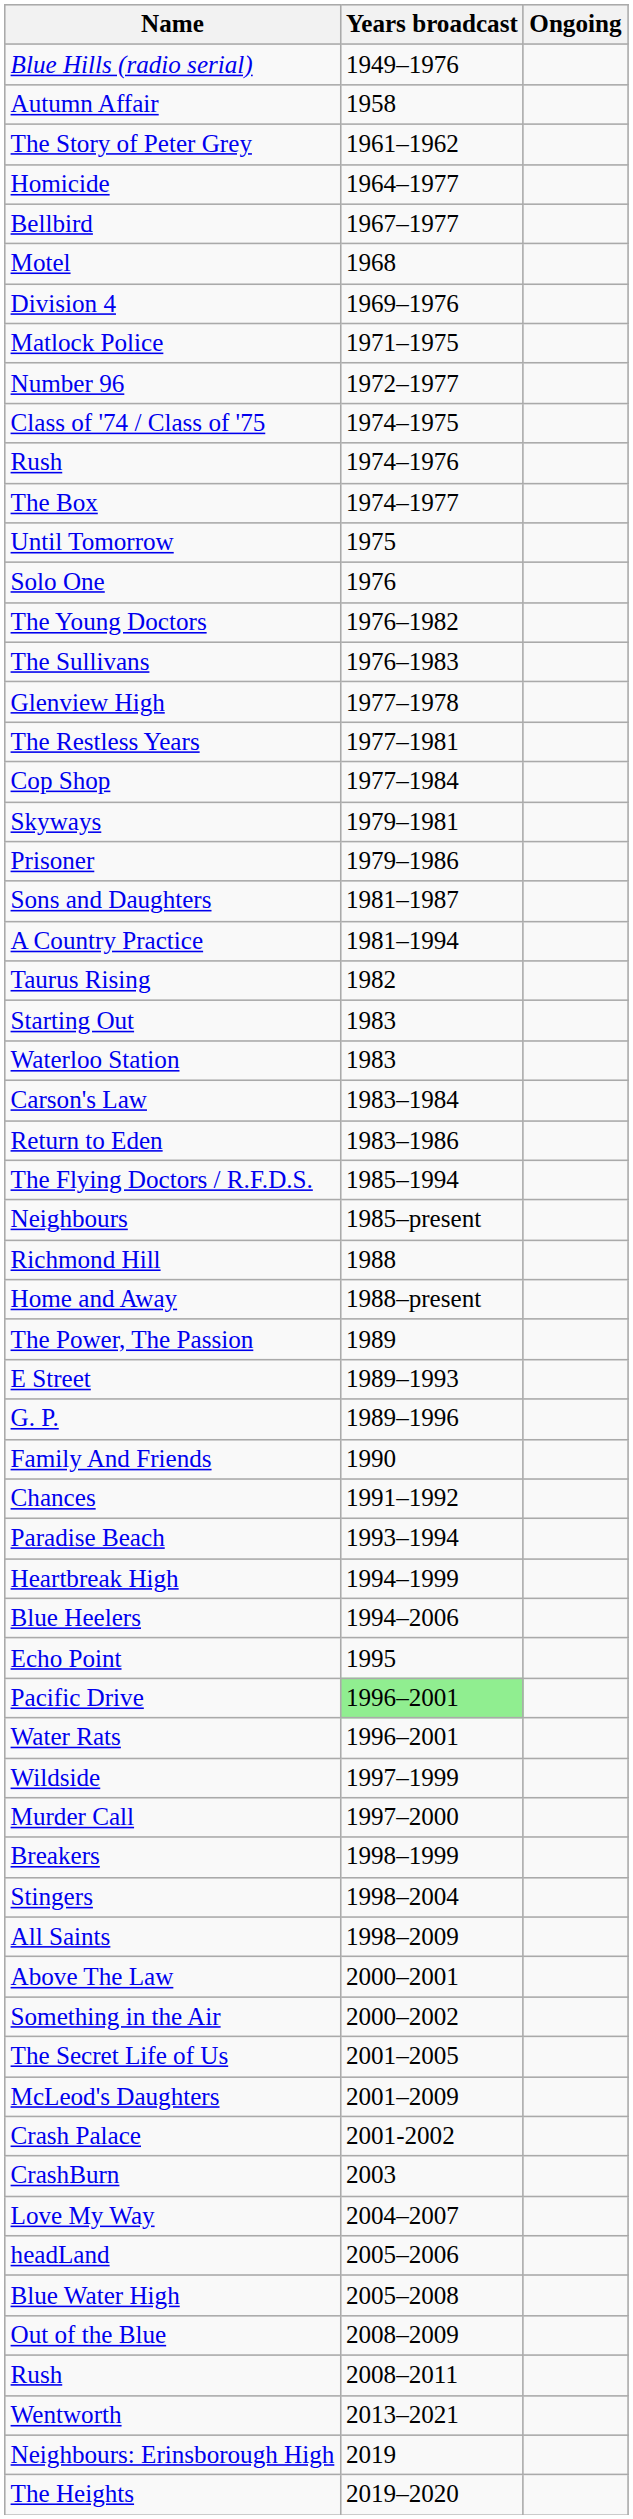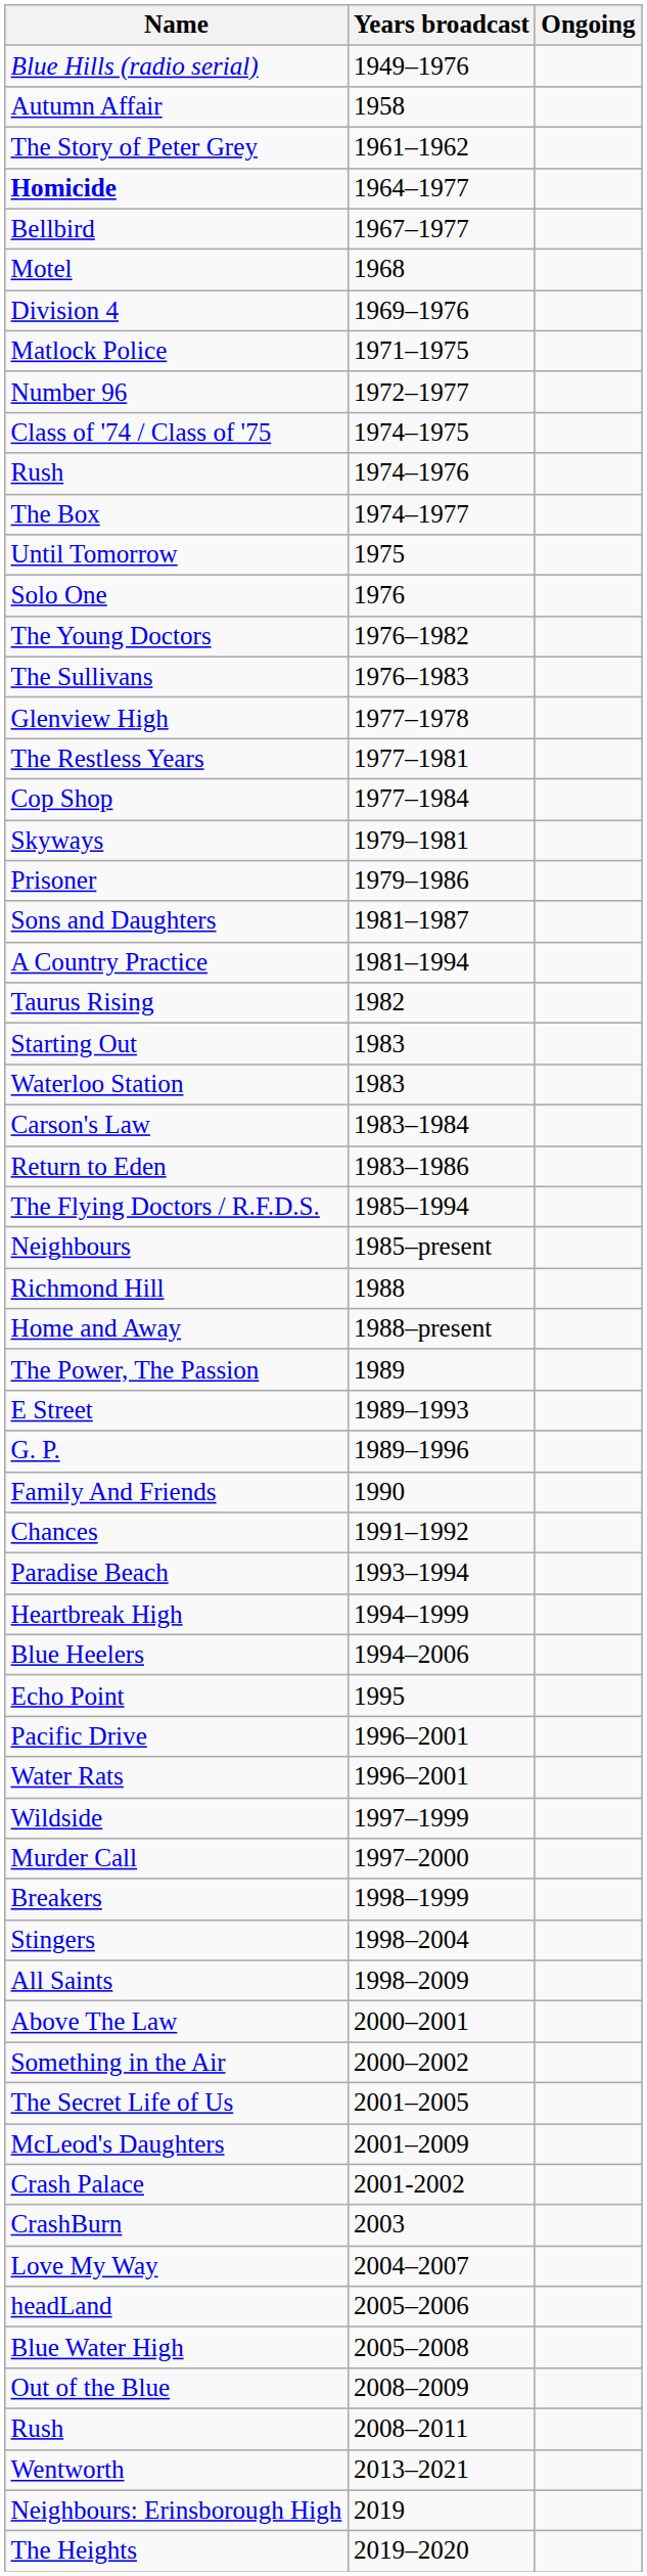 <table class="wikitable sortable">
 <tr>
 <th>Name</th>
 <th>Years broadcast</th>
 <th>Ongoing</th>
 </tr>
 <tr>
 <td><em><a href='#'>Blue Hills (radio serial)</a></em></td>
 <td>1949–1976</td>
 <td></td>
 </tr>
 <tr>
 <td><a href='#'>Autumn Affair</a></td>
 <td>1958</td>
 <td></td>
 </tr>
 <tr>
 <td><a href='#'>The Story of Peter Grey</a></td>
 <td>1961–1962</td>
 <td></td>
 </tr>
 <tr>
-<td><a href='#'>Homicide</a></td>
+<td><strong><a href='#'>Homicide</a></strong></td>
 <td>1964–1977</td>
 <td></td>
 </tr>
 <tr>
 <td><a href='#'>Bellbird</a></td>
 <td>1967–1977</td>
 <td></td>
 </tr>
 <tr>
 <td><a href='#'>Motel</a></td>
 <td>1968</td>
 <td></td>
 </tr>
 <tr>
 <td><a href='#'>Division 4</a></td>
 <td>1969–1976</td>
 <td></td>
 </tr>
 <tr>
 <td><a href='#'>Matlock Police</a></td>
 <td>1971–1975</td>
 <td></td>
 </tr>
 <tr>
 <td><a href='#'>Number 96</a></td>
 <td>1972–1977</td>
 <td></td>
 </tr>
 <tr>
 <td><a href='#'>Class of '74 / Class of '75</a></td>
 <td>1974–1975</td>
 <td></td>
 </tr>
 <tr>
 <td><a href='#'>Rush</a></td>
 <td>1974–1976</td>
 <td></td>
 </tr>
 <tr>
 <td><a href='#'>The Box</a></td>
 <td>1974–1977</td>
 <td></td>
 </tr>
 <tr>
 <td><a href='#'>Until Tomorrow</a></td>
 <td>1975</td>
 <td></td>
 </tr>
 <tr>
 <td><a href='#'>Solo One</a></td>
 <td>1976</td>
 <td></td>
 </tr>
 <tr>
 <td><a href='#'>The Young Doctors</a></td>
 <td>1976–1982</td>
 <td></td>
 </tr>
 <tr>
 <td><a href='#'>The Sullivans</a></td>
 <td>1976–1983</td>
 <td></td>
 </tr>
 <tr>
 <td><a href='#'>Glenview High</a></td>
 <td>1977–1978</td>
 <td></td>
 </tr>
 <tr>
 <td><a href='#'>The Restless Years</a></td>
 <td>1977–1981</td>
 <td></td>
 </tr>
 <tr>
 <td><a href='#'>Cop Shop</a></td>
 <td>1977–1984</td>
 <td></td>
 </tr>
 <tr>
 <td><a href='#'>Skyways</a></td>
 <td>1979–1981</td>
 <td></td>
 </tr>
 <tr>
 <td><a href='#'>Prisoner</a></td>
 <td>1979–1986</td>
 <td></td>
 </tr>
 <tr>
 <td><a href='#'>Sons and Daughters</a></td>
 <td>1981–1987</td>
 <td></td>
 </tr>
 <tr>
 <td><a href='#'>A Country Practice</a></td>
 <td>1981–1994</td>
 <td></td>
 </tr>
 <tr>
 <td><a href='#'>Taurus Rising</a></td>
 <td>1982</td>
 <td></td>
 </tr>
 <tr>
 <td><a href='#'>Starting Out</a></td>
 <td>1983</td>
 <td></td>
 </tr>
 <tr>
 <td><a href='#'>Waterloo Station</a></td>
 <td>1983</td>
 <td></td>
 </tr>
 <tr>
 <td><a href='#'>Carson's Law</a></td>
 <td>1983–1984</td>
 <td></td>
 </tr>
 <tr>
 <td><a href='#'>Return to Eden</a></td>
 <td>1983–1986</td>
 <td></td>
 </tr>
 <tr>
 <td><a href='#'>The Flying Doctors / R.F.D.S.</a></td>
 <td>1985–1994</td>
 <td></td>
 </tr>
 <tr>
 <td><a href='#'>Neighbours</a></td>
 <td>1985–present</td>
 <td></td>
 </tr>
 <tr>
 <td><a href='#'>Richmond Hill</a></td>
 <td>1988</td>
 <td></td>
 </tr>
 <tr>
 <td><a href='#'>Home and Away</a></td>
 <td>1988–present</td>
 <td></td>
 </tr>
 <tr>
 <td><a href='#'>The Power, The Passion</a></td>
 <td>1989</td>
 <td></td>
 </tr>
 <tr>
 <td><a href='#'>E Street</a></td>
 <td>1989–1993</td>
 <td></td>
 </tr>
 <tr>
 <td><a href='#'>G. P.</a></td>
 <td>1989–1996</td>
 <td></td>
 </tr>
 <tr>
 <td><a href='#'>Family And Friends</a></td>
 <td>1990</td>
 <td></td>
 </tr>
 <tr>
 <td><a href='#'>Chances</a></td>
 <td>1991–1992</td>
 <td></td>
 </tr>
 <tr>
 <td><a href='#'>Paradise Beach</a></td>
 <td>1993–1994</td>
 <td></td>
 </tr>
 <tr>
 <td><a href='#'>Heartbreak High</a></td>
 <td>1994–1999</td>
 <td></td>
 </tr>
 <tr>
 <td><a href='#'>Blue Heelers</a></td>
 <td>1994–2006</td>
 <td></td>
 </tr>
 <tr>
 <td><a href='#'>Echo Point</a></td>
 <td>1995</td>
 <td></td>
 </tr>
 <tr>
 <td><a href='#'>Pacific Drive</a></td>
-<td style="background: lightgreen;">1996–2001</td>
+<td>1996–2001</td>
 <td></td>
 </tr>
 <tr>
 <td><a href='#'>Water Rats</a></td>
 <td>1996–2001</td>
 <td></td>
 </tr>
 <tr>
 <td><a href='#'>Wildside</a></td>
 <td>1997–1999</td>
 <td></td>
 </tr>
 <tr>
 <td><a href='#'>Murder Call</a></td>
 <td>1997–2000</td>
 <td></td>
 </tr>
 <tr>
 <td><a href='#'>Breakers</a></td>
 <td>1998–1999</td>
 <td></td>
 </tr>
 <tr>
 <td><a href='#'>Stingers</a></td>
 <td>1998–2004</td>
 <td></td>
 </tr>
 <tr>
 <td><a href='#'>All Saints</a></td>
 <td>1998–2009</td>
 <td></td>
 </tr>
 <tr>
 <td><a href='#'>Above The Law</a></td>
 <td>2000–2001</td>
 <td></td>
 </tr>
 <tr>
 <td><a href='#'>Something in the Air</a></td>
 <td>2000–2002</td>
 <td></td>
 </tr>
 <tr>
 <td><a href='#'>The Secret Life of Us</a></td>
 <td>2001–2005</td>
 <td></td>
 </tr>
 <tr>
 <td><a href='#'>McLeod's Daughters</a></td>
 <td>2001–2009</td>
 <td></td>
 </tr>
 <tr>
 <td><a href='#'>Crash Palace</a></td>
 <td>2001-2002</td>
 <td></td>
 </tr>
 <tr>
 <td><a href='#'>CrashBurn</a></td>
 <td>2003</td>
 <td></td>
 </tr>
 <tr>
 <td><a href='#'>Love My Way</a></td>
 <td>2004–2007</td>
 <td></td>
 </tr>
 <tr>
 <td><a href='#'>headLand</a></td>
 <td>2005–2006</td>
 <td></td>
 </tr>
 <tr>
 <td><a href='#'>Blue Water High</a></td>
 <td>2005–2008</td>
 <td></td>
 </tr>
 <tr>
 <td><a href='#'>Out of the Blue</a></td>
 <td>2008–2009</td>
 <td></td>
 </tr>
 <tr>
 <td><a href='#'>Rush</a></td>
 <td>2008–2011</td>
 <td></td>
 </tr>
 <tr>
 <td><a href='#'>Wentworth</a></td>
 <td>2013–2021</td>
 <td></td>
 </tr>
 <tr>
 <td><a href='#'>Neighbours: Erinsborough High</a></td>
 <td>2019</td>
 <td></td>
 </tr>
 <tr>
 <td><a href='#'>The Heights</a></td>
 <td>2019–2020</td>
 <td></td>
 </tr>
 </table>
